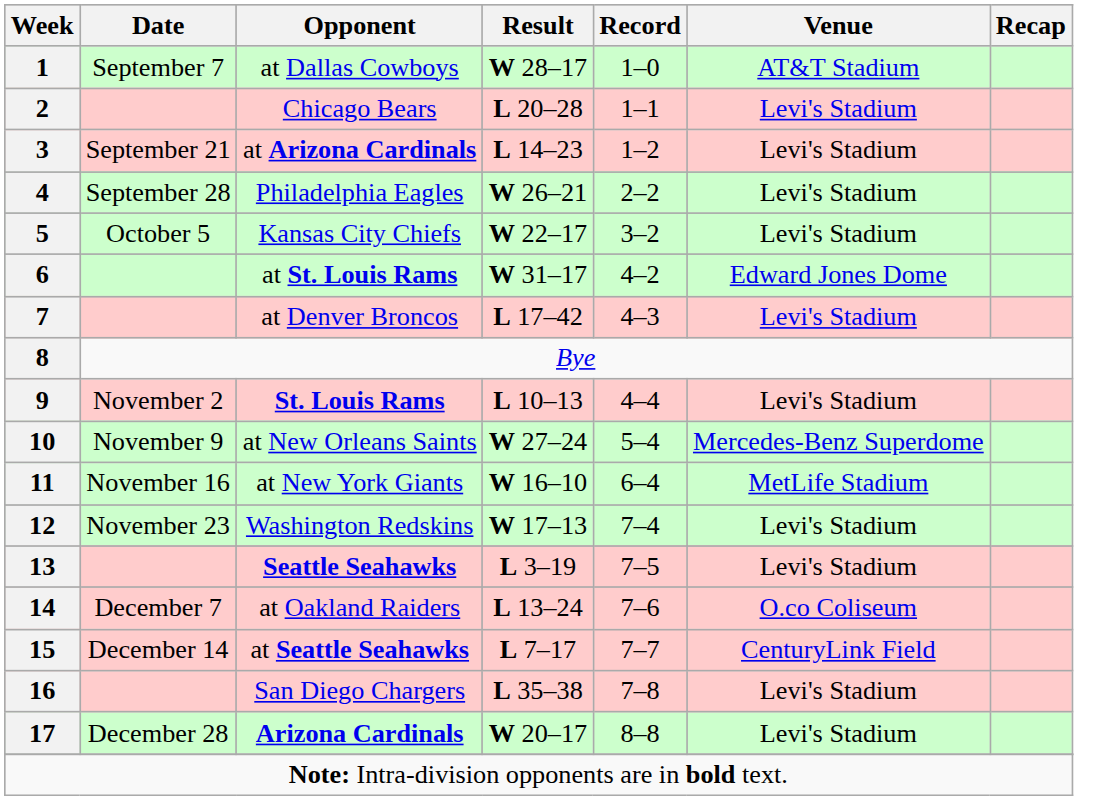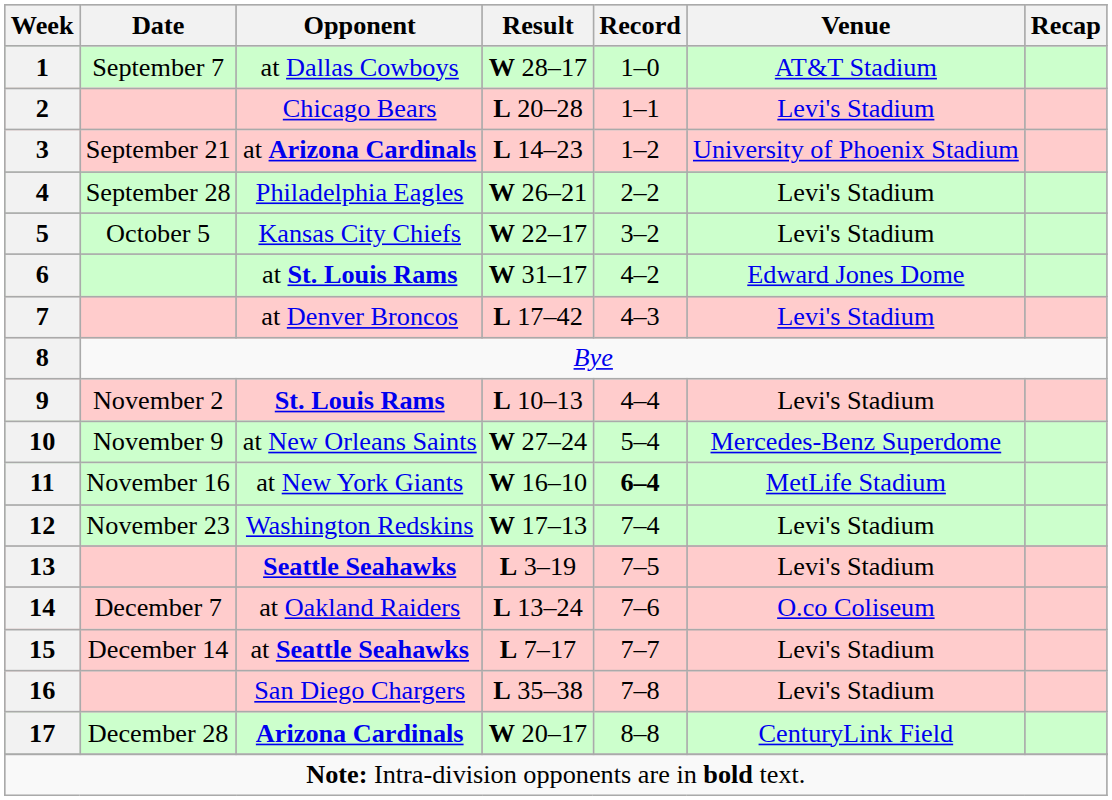 <table class="wikitable" style="text-align:center;">
 <tr>
 <th>Week</th>
 <th>Date</th>
 <th>Opponent</th>
 <th>Result</th>
 <th>Record</th>
 <th>Venue</th>
 <th>Recap</th>
 </tr>
 <tr style="background:#cfc">
 <th>1</th>
 <td>September 7</td>
 <td>at <a href='#'>Dallas Cowboys</a></td>
 <td><strong>W</strong> 28–17</td>
 <td>1–0</td>
 <td><a href='#'>AT&T Stadium</a></td>
 <td></td>
 </tr>
 <tr style="background:#fcc">
 <th>2</th>
 <td></td>
 <td><a href='#'>Chicago Bears</a></td>
 <td><strong>L</strong> 20–28</td>
 <td>1–1</td>
 <td><a href='#'>Levi's Stadium</a></td>
 <td></td>
 </tr>
 <tr style="background:#fcc">
 <th>3</th>
 <td>September 21</td>
 <td>at <strong><a href='#'>Arizona Cardinals</a></strong></td>
 <td><strong>L</strong> 14–23</td>
 <td>1–2</td>
-<td>Levi's Stadium</td>
+<td><a href='#'>University of Phoenix Stadium</a></td>
 <td></td>
 </tr>
 <tr style="background:#cfc">
 <th>4</th>
 <td>September 28</td>
 <td><a href='#'>Philadelphia Eagles</a></td>
 <td><strong>W</strong> 26–21</td>
 <td>2–2</td>
 <td>Levi's Stadium</td>
 <td></td>
 </tr>
 <tr style="background:#cfc">
 <th>5</th>
 <td>October 5</td>
 <td><a href='#'>Kansas City Chiefs</a></td>
 <td><strong>W</strong> 22–17</td>
 <td>3–2</td>
 <td>Levi's Stadium</td>
 <td></td>
 </tr>
 <tr style="background:#cfc">
 <th>6</th>
 <td></td>
 <td>at <strong><a href='#'>St. Louis Rams</a></strong></td>
 <td><strong>W</strong> 31–17</td>
 <td>4–2</td>
 <td><a href='#'>Edward Jones Dome</a></td>
 <td></td>
 </tr>
 <tr style="background:#fcc">
 <th>7</th>
 <td></td>
 <td>at <a href='#'>Denver Broncos</a></td>
 <td><strong>L</strong> 17–42</td>
 <td>4–3</td>
 <td><a href='#'>Levi's Stadium</a></td>
 <td></td>
 </tr>
 <tr>
 <th>8</th>
 <td colspan="6"><em><a href='#'>Bye</a></em></td>
 </tr>
 <tr style="background:#fcc">
 <th>9</th>
 <td>November 2</td>
 <td><strong><a href='#'>St. Louis Rams</a></strong></td>
 <td><strong>L</strong> 10–13</td>
 <td>4–4</td>
 <td>Levi's Stadium</td>
 <td></td>
 </tr>
 <tr style="background:#cfc">
 <th>10</th>
 <td>November 9</td>
 <td>at <a href='#'>New Orleans Saints</a></td>
 <td><strong>W</strong> 27–24 </td>
 <td>5–4</td>
 <td><a href='#'>Mercedes-Benz Superdome</a></td>
 <td></td>
 </tr>
 <tr style="background:#cfc">
 <th>11</th>
 <td>November 16</td>
 <td>at <a href='#'>New York Giants</a></td>
 <td><strong>W</strong> 16–10</td>
-<td>6–4</td>
+<td><strong>6–4</strong></td>
 <td><a href='#'>MetLife Stadium</a></td>
 <td></td>
 </tr>
 <tr style="background:#cfc">
 <th>12</th>
 <td>November 23</td>
 <td><a href='#'>Washington Redskins</a></td>
 <td><strong>W</strong> 17–13</td>
 <td>7–4</td>
 <td>Levi's Stadium</td>
 <td></td>
 </tr>
 <tr style="background:#fcc">
 <th>13</th>
 <td></td>
 <td><strong><a href='#'>Seattle Seahawks</a></strong></td>
 <td><strong>L</strong> 3–19</td>
 <td>7–5</td>
 <td>Levi's Stadium</td>
 <td></td>
 </tr>
 <tr style="background:#fcc">
 <th>14</th>
 <td>December 7</td>
 <td>at <a href='#'>Oakland Raiders</a></td>
 <td><strong>L</strong> 13–24</td>
 <td>7–6</td>
 <td><a href='#'>O.co Coliseum</a></td>
 <td></td>
 </tr>
 <tr style="background:#fcc">
 <th>15</th>
 <td>December 14</td>
 <td>at <strong><a href='#'>Seattle Seahawks</a></strong></td>
 <td><strong>L</strong> 7–17</td>
 <td>7–7</td>
-<td><a href='#'>CenturyLink Field</a></td>
+<td>Levi's Stadium</td>
 <td></td>
 </tr>
 <tr style="background:#fcc">
 <th>16</th>
 <td></td>
 <td><a href='#'>San Diego Chargers</a></td>
 <td><strong>L</strong> 35–38 </td>
 <td>7–8</td>
 <td>Levi's Stadium</td>
 <td></td>
 </tr>
 <tr style="background:#cfc">
 <th>17</th>
 <td>December 28</td>
 <td><strong><a href='#'>Arizona Cardinals</a></strong></td>
 <td><strong>W</strong> 20–17</td>
 <td>8–8</td>
-<td>Levi's Stadium</td>
+<td><a href='#'>CenturyLink Field</a></td>
 <td></td>
 </tr>
 <tr>
 </tr>
 <tr>
 <td colspan="8"><strong>Note:</strong> Intra-division opponents are in <strong>bold</strong> text.</td>
 </tr>
 </table>
